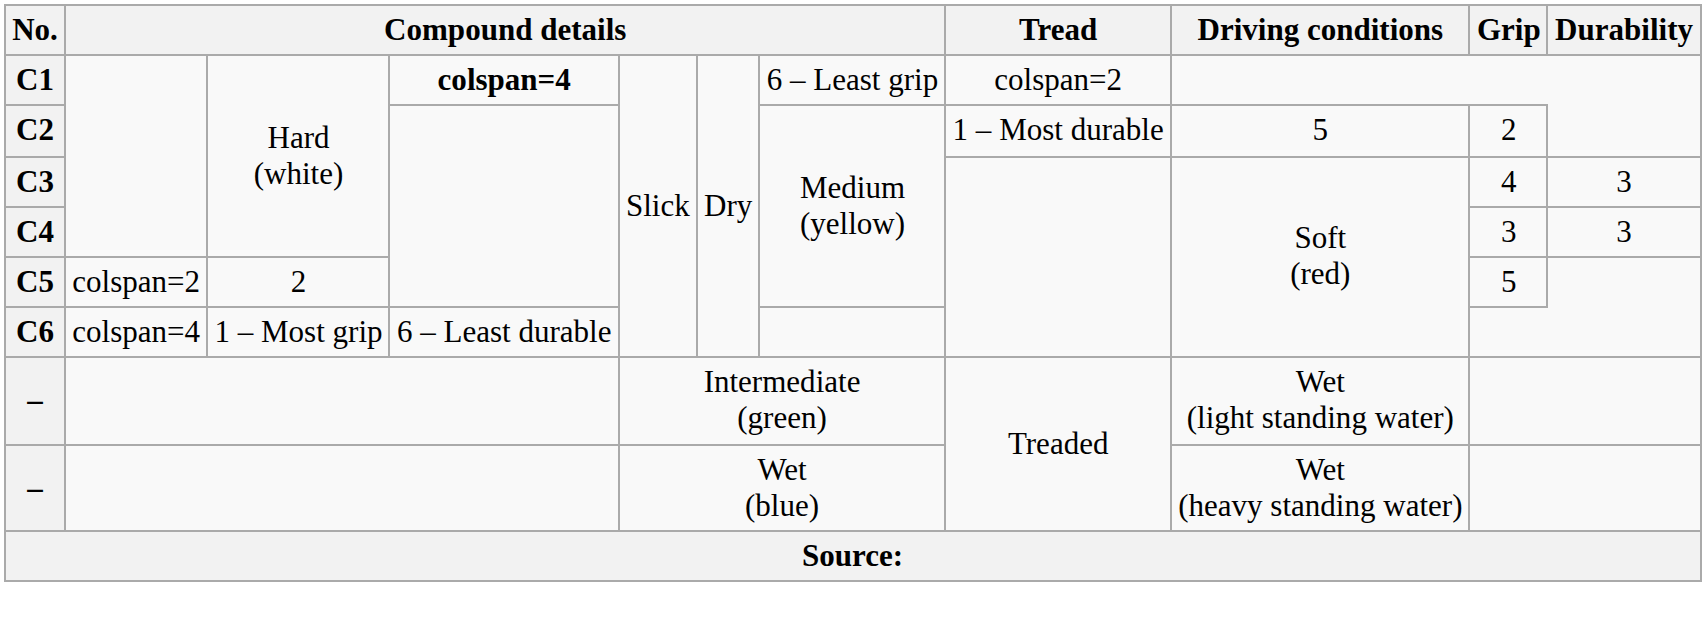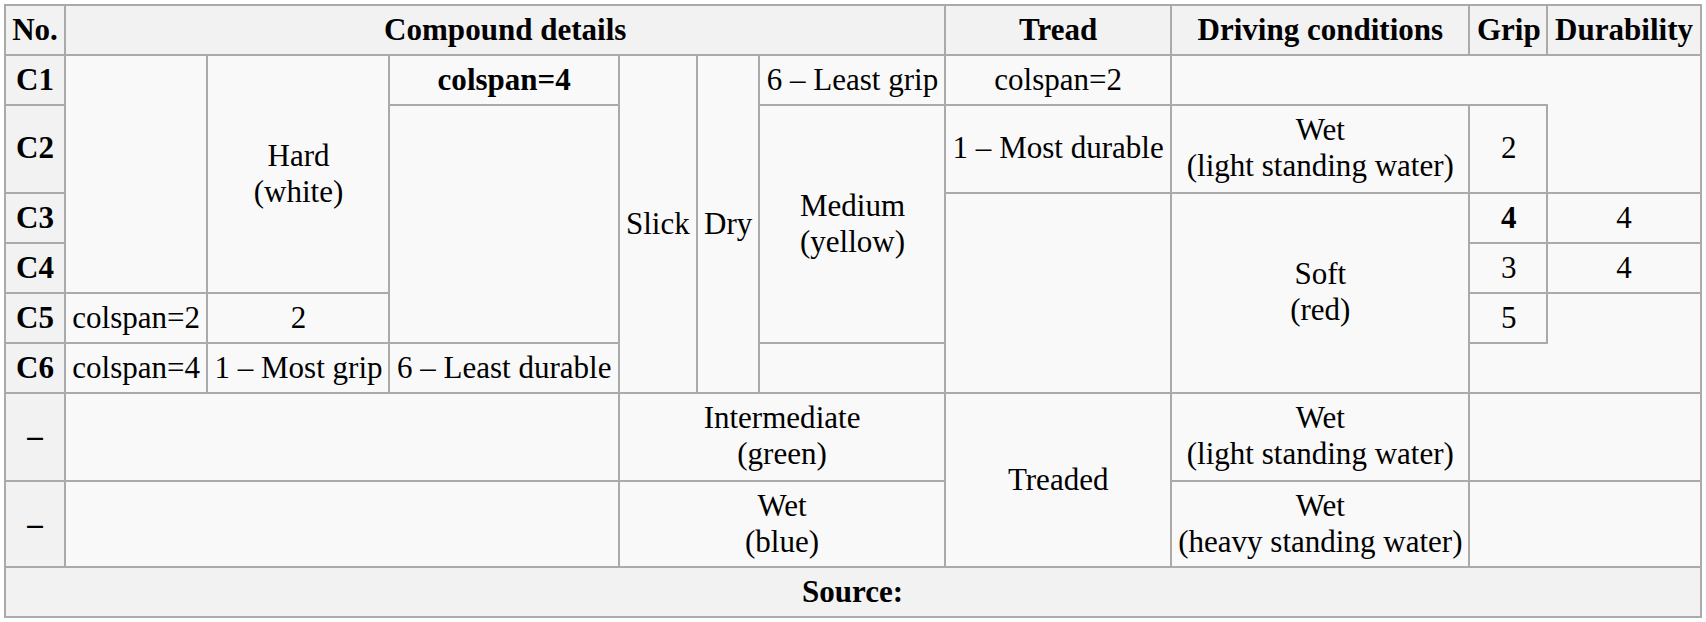 <table class="wikitable" style="font-size:97%; text-align:center;">
 <tr>
 <th>No.</th>
 <th colspan=6>Compound details</th>
 <th>Tread</th>
 <th>Driving conditions</th>
 <th>Grip</th>
 <th>Durability</th>
 </tr>
 <tr>
 <th scope="row">C1</th>
 <td rowspan=4></td>
 <td rowspan=4>Hard<br>(white)</td>
 <td><strong>colspan=4 </strong></td>
 <td rowspan=6>Slick</td>
 <td rowspan=6>Dry</td>
 <td>6 – Least grip</td>
 <td>colspan=2 </td>
 </tr>
 <tr>
 <th scope="row">C2</th>
 <td rowspan=4></td>
 <td rowspan=4>Medium<br>(yellow)</td>
 <td>1 – Most durable</td>
-<td>5</td>
+<td>Wet<br>(light standing water)</td>
 <td>2</td>
 </tr>
 <tr>
 <th scope="row">C3</th>
 <td rowspan=4></td>
 <td rowspan=4>Soft<br>(red)</td>
+<td><strong>4</strong></td>
 <td>4</td>
-<td>3</td>
 </tr>
 <tr>
 <th scope="row">C4</th>
 <td>3</td>
-<td>3</td>
+<td>4</td>
 </tr>
 <tr>
 <th scope="row">C5</th>
 <td>colspan=2 </td>
 <td>2</td>
 <td>5</td>
 </tr>
 <tr>
 <th scope="row">C6</th>
 <td>colspan=4 </td>
 <td>1 – Most grip</td>
 <td>6 – Least durable</td>
 </tr>
 <tr>
 <th scope="row">–</th>
 <td colspan=3></td>
 <td colspan=3>Intermediate<br>(green)</td>
 <td rowspan="2">Treaded</td>
 <td>Wet<br>(light standing water)</td>
 <td colspan="2"></td>
 </tr>
 <tr>
 <th scope="row">–</th>
 <td colspan=3></td>
 <td colspan=3>Wet<br>(blue)</td>
 <td>Wet<br>(heavy standing water)</td>
 <td colspan="2"></td>
 </tr>
 <tr>
 <th colspan="11" scope="row">Source:</th>
 </tr>
 </table>
